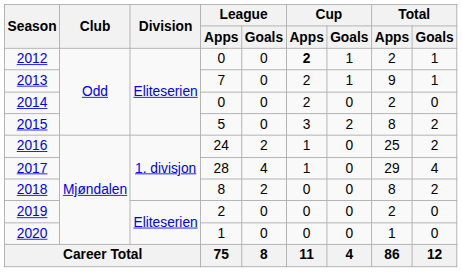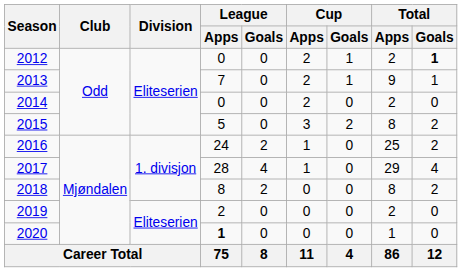 <table class="wikitable" style="text-align: center;">
 <tr>
 <th rowspan="2">Season</th>
 <th rowspan="2">Club</th>
 <th rowspan="2">Division</th>
 <th colspan="2">League</th>
 <th colspan="2">Cup</th>
 <th colspan="2">Total</th>
 </tr>
 <tr>
 <th>Apps</th>
 <th>Goals</th>
 <th>Apps</th>
 <th>Goals</th>
 <th>Apps</th>
 <th>Goals</th>
 </tr>
 <tr>
 <td><a href='#'>2012</a></td>
 <td rowspan="4" valign="center"><a href='#'>Odd</a></td>
 <td rowspan="4" valign="center"><a href='#'>Eliteserien</a></td>
 <td>0</td>
 <td>0</td>
-<td><strong>2</strong></td>
+<td>2</td>
 <td>1</td>
 <td>2</td>
-<td>1</td>
+<td><strong>1</strong></td>
 </tr>
 <tr>
 <td><a href='#'>2013</a></td>
 <td>7</td>
 <td>0</td>
 <td>2</td>
 <td>1</td>
 <td>9</td>
 <td>1</td>
 </tr>
 <tr>
 <td><a href='#'>2014</a></td>
 <td>0</td>
 <td>0</td>
 <td>2</td>
 <td>0</td>
 <td>2</td>
 <td>0</td>
 </tr>
 <tr>
 <td><a href='#'>2015</a></td>
 <td>5</td>
 <td>0</td>
 <td>3</td>
 <td>2</td>
 <td>8</td>
 <td>2</td>
 </tr>
 <tr>
 <td><a href='#'>2016</a></td>
 <td rowspan="5" valign="center"><a href='#'>Mjøndalen</a></td>
 <td rowspan="3" valign="center"><a href='#'>1. divisjon</a></td>
 <td>24</td>
 <td>2</td>
 <td>1</td>
 <td>0</td>
 <td>25</td>
 <td>2</td>
 </tr>
 <tr>
 <td><a href='#'>2017</a></td>
 <td>28</td>
 <td>4</td>
 <td>1</td>
 <td>0</td>
 <td>29</td>
 <td>4</td>
 </tr>
 <tr>
 <td><a href='#'>2018</a></td>
 <td>8</td>
 <td>2</td>
 <td>0</td>
 <td>0</td>
 <td>8</td>
 <td>2</td>
 </tr>
 <tr>
 <td><a href='#'>2019</a></td>
 <td rowspan="2" valign="center"><a href='#'>Eliteserien</a></td>
 <td>2</td>
 <td>0</td>
 <td>0</td>
 <td>0</td>
 <td>2</td>
 <td>0</td>
 </tr>
 <tr>
 <td><a href='#'>2020</a></td>
-<td>1</td>
+<td><strong>1</strong></td>
 <td>0</td>
 <td>0</td>
 <td>0</td>
 <td>1</td>
 <td>0</td>
 </tr>
 <tr>
 <th colspan="3">Career Total</th>
 <th>75</th>
 <th>8</th>
 <th>11</th>
 <th>4</th>
 <th>86</th>
 <th>12</th>
 </tr>
 </table>
